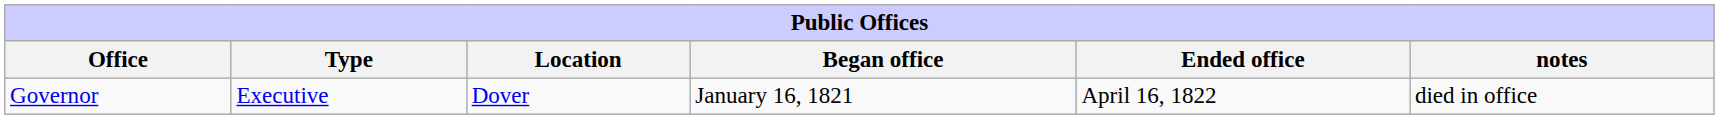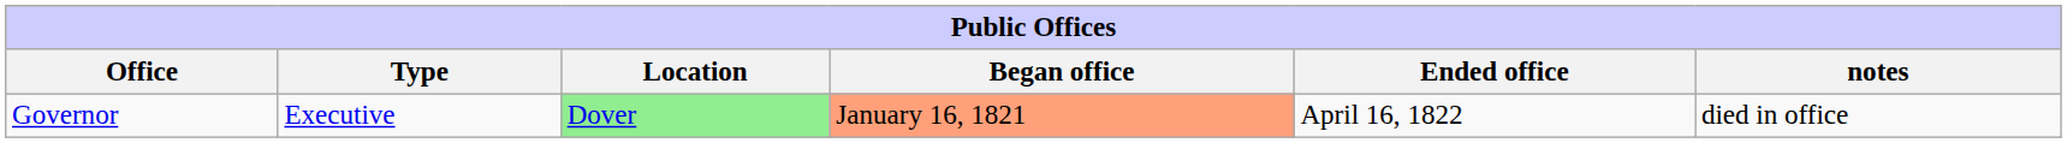 <table class=wikitable style="width: 94%" style="text-align: center;" align="center">
 <tr bgcolor=#cccccc>
 <th colspan=7 style="background: #ccccff;">Public Offices</th>
 </tr>
 <tr>
 <th>Office</th>
 <th>Type</th>
 <th>Location</th>
 <th>Began office</th>
 <th>Ended office</th>
 <th>notes</th>
 </tr>
 <tr>
 <td><a href='#'>Governor</a></td>
 <td><a href='#'>Executive</a></td>
-<td><a href='#'>Dover</a></td>
-<td>January 16, 1821</td>
+<td style="background: lightgreen;"><a href='#'>Dover</a></td>
+<td style="background: lightsalmon;">January 16, 1821</td>
 <td>April 16, 1822</td>
 <td>died in office</td>
 </tr>
 </table>
